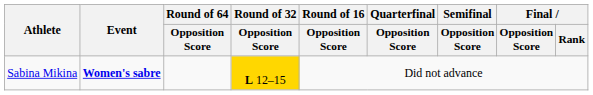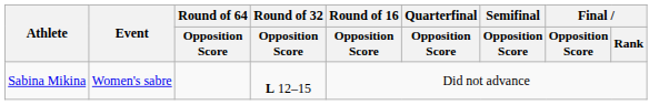 <table class="wikitable" style="font-size:90%">
 <tr>
 <th rowspan=2>Athlete</th>
 <th rowspan=2>Event</th>
 <th>Round of 64</th>
 <th>Round of 32</th>
 <th>Round of 16</th>
 <th>Quarterfinal</th>
 <th>Semifinal</th>
 <th colspan=2>Final / </th>
 </tr>
 <tr style="font-size:95%">
 <th>Opposition<br>Score</th>
 <th>Opposition<br>Score</th>
 <th>Opposition<br>Score</th>
 <th>Opposition<br>Score</th>
 <th>Opposition<br>Score</th>
 <th>Opposition<br>Score</th>
 <th>Rank</th>
 </tr>
 <tr align=center>
 <td align=left><a href='#'>Sabina Mikina</a></td>
-<td align=left><strong><a href='#'>Women's sabre</a></strong></td>
+<td align=left><a href='#'>Women's sabre</a></td>
 <td></td>
-<td style="background: gold;"><br><strong>L</strong> 12–15</td>
+<td><br><strong>L</strong> 12–15</td>
 <td colspan=5>Did not advance</td>
 </tr>
 </table>
